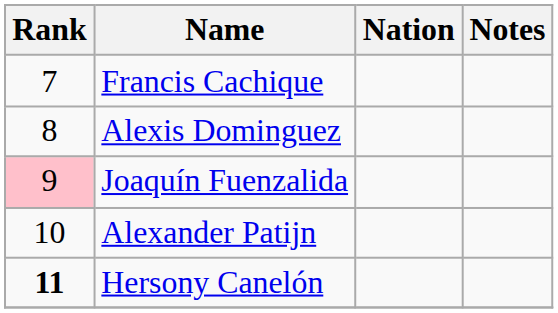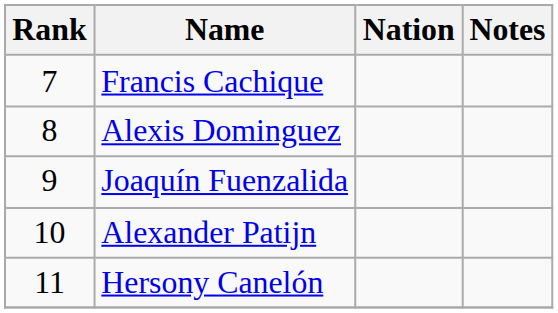 <table class="wikitable sortable" style="text-align:center">
 <tr>
 <th>Rank</th>
 <th>Name</th>
 <th>Nation</th>
 <th>Notes</th>
 </tr>
 <tr>
 <td>7</td>
 <td align=left><a href='#'>Francis Cachique</a></td>
 <td align=left></td>
 <td></td>
 </tr>
 <tr>
 <td>8</td>
 <td align=left><a href='#'>Alexis Dominguez</a></td>
 <td align=left></td>
 <td></td>
 </tr>
 <tr>
-<td style="background: pink;">9</td>
+<td>9</td>
 <td align=left><a href='#'>Joaquín Fuenzalida</a></td>
 <td align=left></td>
 <td></td>
 </tr>
 <tr>
 <td>10</td>
 <td align=left><a href='#'>Alexander Patijn</a></td>
 <td align=left></td>
 <td></td>
 </tr>
 <tr>
-<td><strong>11</strong></td>
+<td>11</td>
 <td align=left><a href='#'>Hersony Canelón</a></td>
 <td align=left></td>
 <td></td>
 </tr>
 <tr>
 </tr>
 </table>
